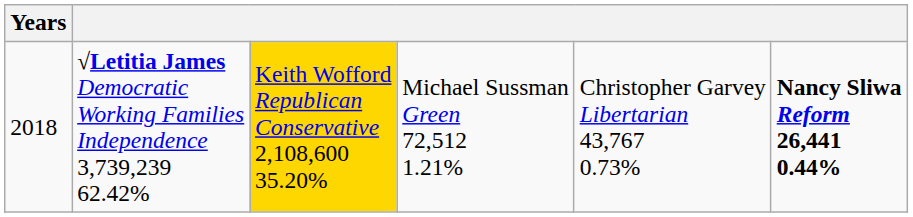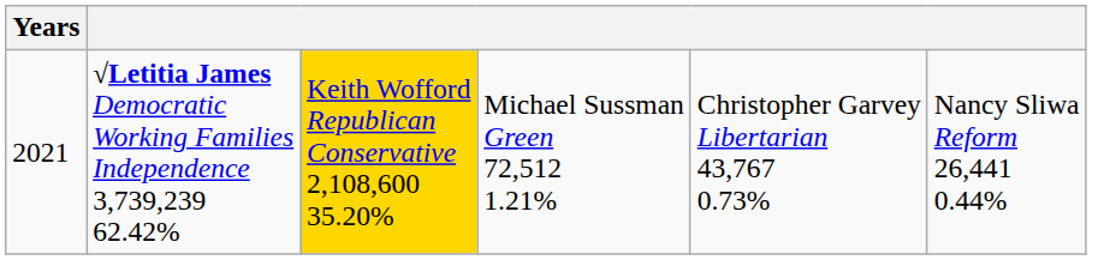 <table class="wikitable">
 <tr>
 <th>Years</th>
 <th colspan="5"></th>
 </tr>
 <tr>
-<td>2018</td>
+<td>2021</td>
 <td><strong>√<a href='#'>Letitia James</a></strong><br><em><a href='#'>Democratic</a><br><a href='#'>Working Families</a><br><a href='#'>Independence</a></em><br>3,739,239<br>62.42%</td>
 <td style="background: gold;"><a href='#'>Keith Wofford</a><br><em><a href='#'>Republican</a><br><a href='#'>Conservative</a></em><br>2,108,600<br>35.20%</td>
 <td>Michael Sussman<br><em><a href='#'>Green</a></em><br>72,512<br>1.21%</td>
 <td>Christopher Garvey<br><em><a href='#'>Libertarian</a></em><br>43,767<br>0.73%</td>
-<td><strong>Nancy Sliwa<br><em><a href='#'>Reform</a></em><br>26,441<br>0.44%</strong></td>
+<td>Nancy Sliwa<br><em><a href='#'>Reform</a></em><br>26,441<br>0.44%</td>
 </tr>
 </table>
